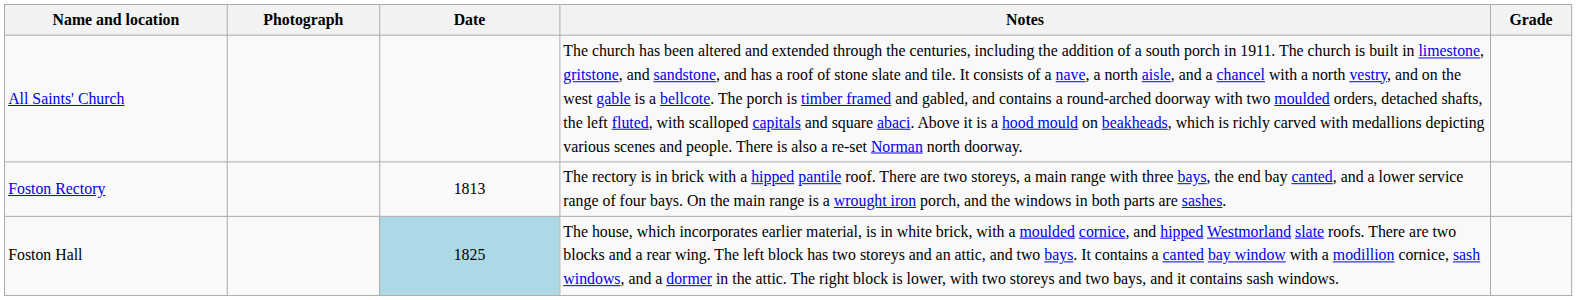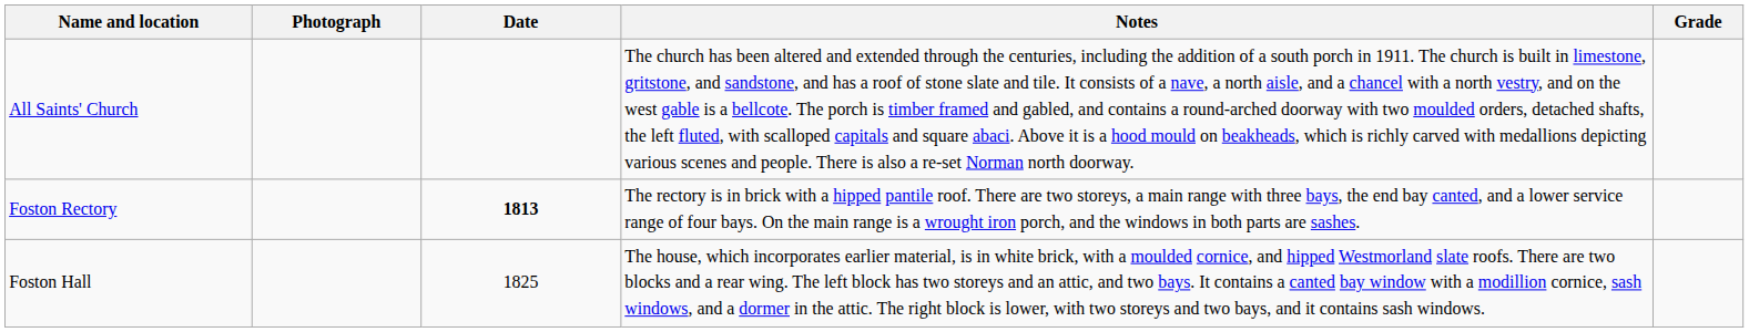 <table class="wikitable sortable plainrowheaders" style="width:100%; border:0px; text-align:left; line-height:150%">
 <tr>
 <th scope="col"  style="width:150px">Name and location</th>
 <th scope="col"  style="width:100px" class="unsortable">Photograph</th>
 <th scope="col"  style="width:120px">Date</th>
 <th scope="col"  style="width:650px" class="unsortable">Notes</th>
 <th scope="col"  style="width:50px">Grade</th>
 </tr>
 <tr>
 <td><a href='#'>All Saints' Church</a><br><small></small></td>
 <td></td>
 <td align="center"></td>
 <td>The church has been altered and extended through the centuries, including the addition of a south porch in 1911.  The church is built in <a href='#'>limestone</a>, <a href='#'>gritstone</a>, and <a href='#'>sandstone</a>, and has a roof of stone slate and tile.  It consists of a <a href='#'>nave</a>, a north <a href='#'>aisle</a>, and a <a href='#'>chancel</a> with a north <a href='#'>vestry</a>, and on the west <a href='#'>gable</a> is a <a href='#'>bellcote</a>.  The porch is <a href='#'>timber framed</a> and gabled, and contains a round-arched doorway with two <a href='#'>moulded</a> orders, detached shafts, the left <a href='#'>fluted</a>, with scalloped <a href='#'>capitals</a> and square <a href='#'>abaci</a>.  Above it is a <a href='#'>hood mould</a> on <a href='#'>beakheads</a>, which is richly carved with medallions depicting various scenes and people.  There is also a re-set <a href='#'>Norman</a> north doorway.</td>
 <td align="center" ></td>
 </tr>
 <tr>
 <td><a href='#'>Foston Rectory</a><br><small></small></td>
 <td></td>
-<td align="center">1813</td>
+<td align="center"><strong>1813</strong></td>
 <td>The rectory is in brick with a <a href='#'>hipped</a> <a href='#'>pantile</a> roof.  There are two storeys, a main range with three <a href='#'>bays</a>, the end bay <a href='#'>canted</a>, and a lower service range of four bays.  On the main range is a <a href='#'>wrought iron</a> porch, and the windows in both parts are <a href='#'>sashes</a>.</td>
 <td align="center" ></td>
 </tr>
 <tr>
 <td>Foston Hall<br><small></small></td>
 <td></td>
-<td align="center" style="background: lightblue;">1825</td>
+<td align="center">1825</td>
 <td>The house, which incorporates earlier material, is in white brick, with a <a href='#'>moulded</a> <a href='#'>cornice</a>, and <a href='#'>hipped</a> <a href='#'>Westmorland</a> <a href='#'>slate</a> roofs. There are two blocks and a rear wing.  The left block has two storeys and an attic, and two <a href='#'>bays</a>.  It contains a <a href='#'>canted</a> <a href='#'>bay window</a> with a <a href='#'>modillion</a> cornice, <a href='#'>sash windows</a>, and a <a href='#'>dormer</a> in the attic.  The right block is lower, with two storeys and two bays, and it contains sash windows.</td>
 <td align="center" ></td>
 </tr>
 <tr>
 </tr>
 </table>
